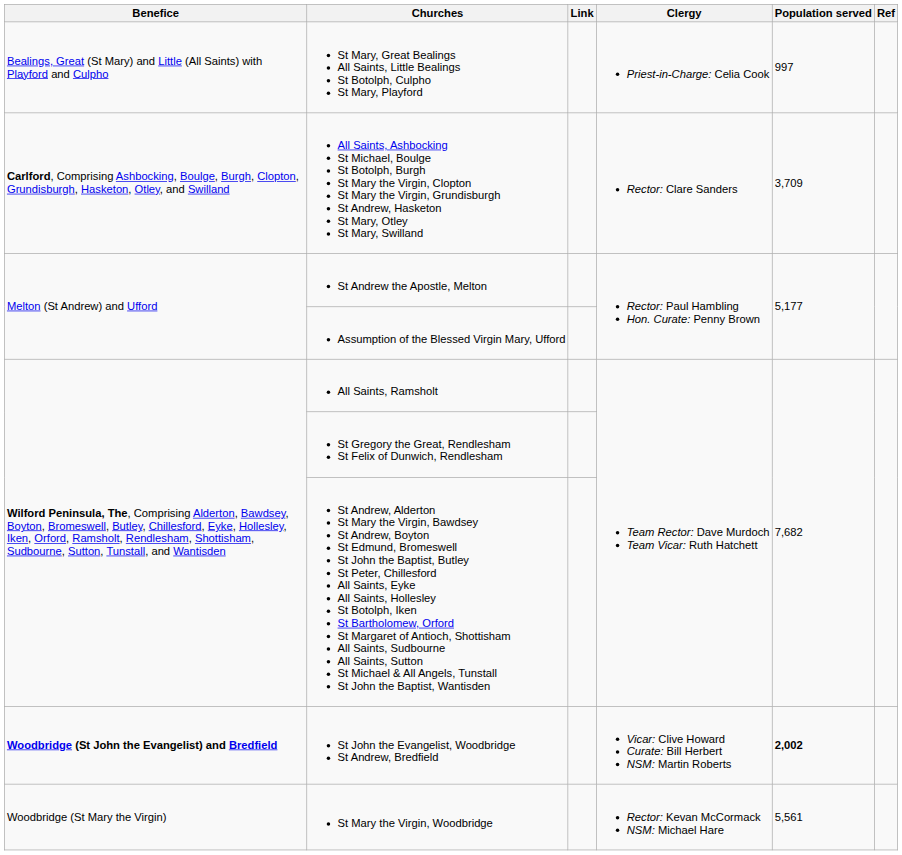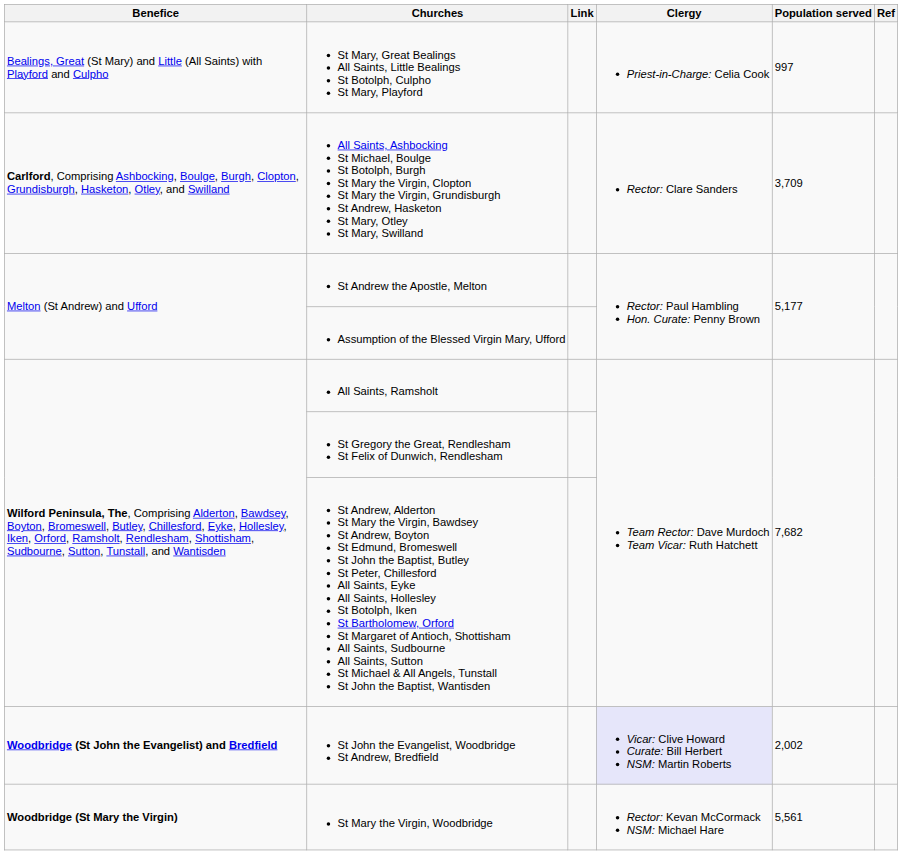 <table class="wikitable">
 <tr>
 <th width="425">Benefice</th>
 <th>Churches</th>
 <th>Link</th>
 <th>Clergy</th>
 <th>Population served</th>
 <th>Ref</th>
 </tr>
 <tr>
 <td><a href='#'>Bealings, Great</a> (St Mary) and <a href='#'>Little</a> (All Saints) with <a href='#'>Playford</a> and <a href='#'>Culpho</a></td>
 <td><br><ul><li>St Mary, Great Bealings</li><li>All Saints, Little Bealings</li><li>St Botolph, Culpho</li><li>St Mary, Playford</li></ul></td>
 <td></td>
 <td><br><ul><li><em>Priest-in-Charge:</em> Celia Cook</li></ul></td>
 <td>997</td>
 <td></td>
 </tr>
 <tr>
 <td><strong>Carlford</strong>, Comprising <a href='#'>Ashbocking</a>, <a href='#'>Boulge</a>, <a href='#'>Burgh</a>, <a href='#'>Clopton</a>, <a href='#'>Grundisburgh</a>, <a href='#'>Hasketon</a>, <a href='#'>Otley</a>, and <a href='#'>Swilland</a></td>
 <td><br><ul><li><a href='#'>All Saints, Ashbocking</a></li><li>St Michael, Boulge</li><li>St Botolph, Burgh</li><li>St Mary the Virgin, Clopton</li><li>St Mary the Virgin, Grundisburgh</li><li>St Andrew, Hasketon</li><li>St Mary, Otley</li><li>St Mary, Swilland</li></ul></td>
 <td></td>
 <td><br><ul><li><em>Rector:</em> Clare Sanders</li></ul></td>
 <td>3,709</td>
 <td></td>
 </tr>
 <tr>
 <td rowspan="2"><a href='#'>Melton</a> (St Andrew) and <a href='#'>Ufford</a></td>
 <td><br><ul><li>St Andrew the Apostle, Melton</li></ul></td>
 <td></td>
 <td rowspan="2"><br><ul><li><em>Rector:</em> Paul Hambling</li><li><em>Hon. Curate:</em> Penny Brown</li></ul></td>
 <td rowspan="2">5,177</td>
 <td rowspan="2"></td>
 </tr>
 <tr>
 <td><br><ul><li>Assumption of the Blessed Virgin Mary, Ufford</li></ul></td>
 <td></td>
 </tr>
 <tr>
 <td rowspan="3"><strong>Wilford Peninsula, The</strong>, Comprising <a href='#'>Alderton</a>, <a href='#'>Bawdsey</a>, <a href='#'>Boyton</a>, <a href='#'>Bromeswell</a>, <a href='#'>Butley</a>, <a href='#'>Chillesford</a>, <a href='#'>Eyke</a>, <a href='#'>Hollesley</a>, <a href='#'>Iken</a>, <a href='#'>Orford</a>, <a href='#'>Ramsholt</a>, <a href='#'>Rendlesham</a>, <a href='#'>Shottisham</a>, <a href='#'>Sudbourne</a>, <a href='#'>Sutton</a>, <a href='#'>Tunstall</a>, and <a href='#'>Wantisden</a></td>
 <td><br><ul><li>All Saints, Ramsholt</li></ul></td>
 <td> </td>
 <td rowspan="3"><br><ul><li><em>Team Rector:</em> Dave Murdoch</li><li><em>Team Vicar:</em> Ruth Hatchett</li></ul></td>
 <td rowspan="3">7,682</td>
 <td rowspan="3"></td>
 </tr>
 <tr>
 <td><br><ul><li>St Gregory the Great, Rendlesham</li><li>St Felix of Dunwich, Rendlesham</li></ul></td>
 <td></td>
 </tr>
 <tr>
 <td><br><ul><li>St Andrew, Alderton</li><li>St Mary the Virgin, Bawdsey</li><li>St Andrew, Boyton</li><li>St Edmund, Bromeswell</li><li>St John the Baptist, Butley</li><li>St Peter, Chillesford</li><li>All Saints, Eyke</li><li>All Saints, Hollesley</li><li>St Botolph, Iken</li><li><a href='#'>St Bartholomew, Orford</a></li><li>St Margaret of Antioch, Shottisham</li><li>All Saints, Sudbourne</li><li>All Saints, Sutton</li><li>St Michael & All Angels, Tunstall</li><li>St John the Baptist, Wantisden</li></ul></td>
 <td></td>
 </tr>
 <tr>
 <td><strong><a href='#'>Woodbridge</a> (St John the Evangelist) and <a href='#'>Bredfield</a></strong></td>
 <td><br><ul><li>St John the Evangelist, Woodbridge</li><li>St Andrew, Bredfield</li></ul></td>
 <td></td>
-<td><br><ul><li><em>Vicar:</em> Clive Howard</li><li><em>Curate:</em> Bill Herbert</li><li><em>NSM:</em> Martin Roberts</li></ul></td>
-<td><strong>2,002</strong></td>
+<td style="background: lavender;"><br><ul><li><em>Vicar:</em> Clive Howard</li><li><em>Curate:</em> Bill Herbert</li><li><em>NSM:</em> Martin Roberts</li></ul></td>
+<td>2,002</td>
 <td></td>
 </tr>
 <tr>
-<td>Woodbridge (St Mary the Virgin)</td>
+<td><strong>Woodbridge (St Mary the Virgin)</strong></td>
 <td><br><ul><li>St Mary the Virgin, Woodbridge</li></ul></td>
 <td></td>
 <td><br><ul><li><em>Rector:</em> Kevan McCormack</li><li><em>NSM:</em> Michael Hare</li></ul></td>
 <td>5,561</td>
 <td></td>
 </tr>
 </table>
